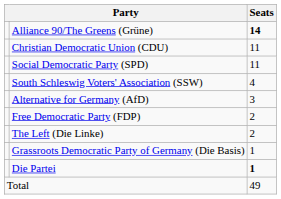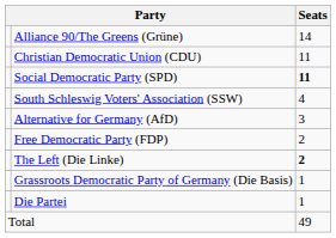 <table class="wikitable">
 <tr>
 <th colspan="2">Party</th>
 <th>Seats</th>
 </tr>
 <tr>
 <td scope="row" style="background-color:"></td>
 <td><a href='#'>Alliance 90/The Greens</a> (Grüne)</td>
-<td><strong>14</strong></td>
+<td>14</td>
 </tr>
 <tr>
 <td scope="row" style="background-color:"></td>
 <td><a href='#'>Christian Democratic Union</a> (CDU)</td>
 <td>11</td>
 </tr>
 <tr>
 <td scope="row" style="background-color:"></td>
 <td><a href='#'>Social Democratic Party</a> (SPD)</td>
-<td>11</td>
+<td><strong>11</strong></td>
 </tr>
 <tr>
 <td scope="row" style="background-color:"></td>
 <td><a href='#'>South Schleswig Voters' Association</a> (SSW)</td>
 <td>4</td>
 </tr>
 <tr>
 <td scope="row" style="background-color:"></td>
 <td><a href='#'>Alternative for Germany</a> (AfD)</td>
 <td>3</td>
 </tr>
 <tr>
 <td scope="row" style="background-color:"></td>
 <td><a href='#'>Free Democratic Party</a> (FDP)</td>
 <td>2</td>
 </tr>
 <tr>
 <td scope="row" style="background-color:"></td>
 <td><a href='#'>The Left</a> (Die Linke)</td>
-<td>2</td>
+<td><strong>2</strong></td>
 </tr>
 <tr>
 <td scope="row" style="background-color:"></td>
 <td><a href='#'>Grassroots Democratic Party of Germany</a> (Die Basis)</td>
 <td>1</td>
 </tr>
 <tr>
 <td scope="row" style="background-color:"></td>
 <td><a href='#'>Die Partei</a></td>
-<td><strong>1</strong></td>
+<td>1</td>
 </tr>
 <tr>
 <td colspan="2">Total</td>
 <td>49</td>
 </tr>
 </table>
